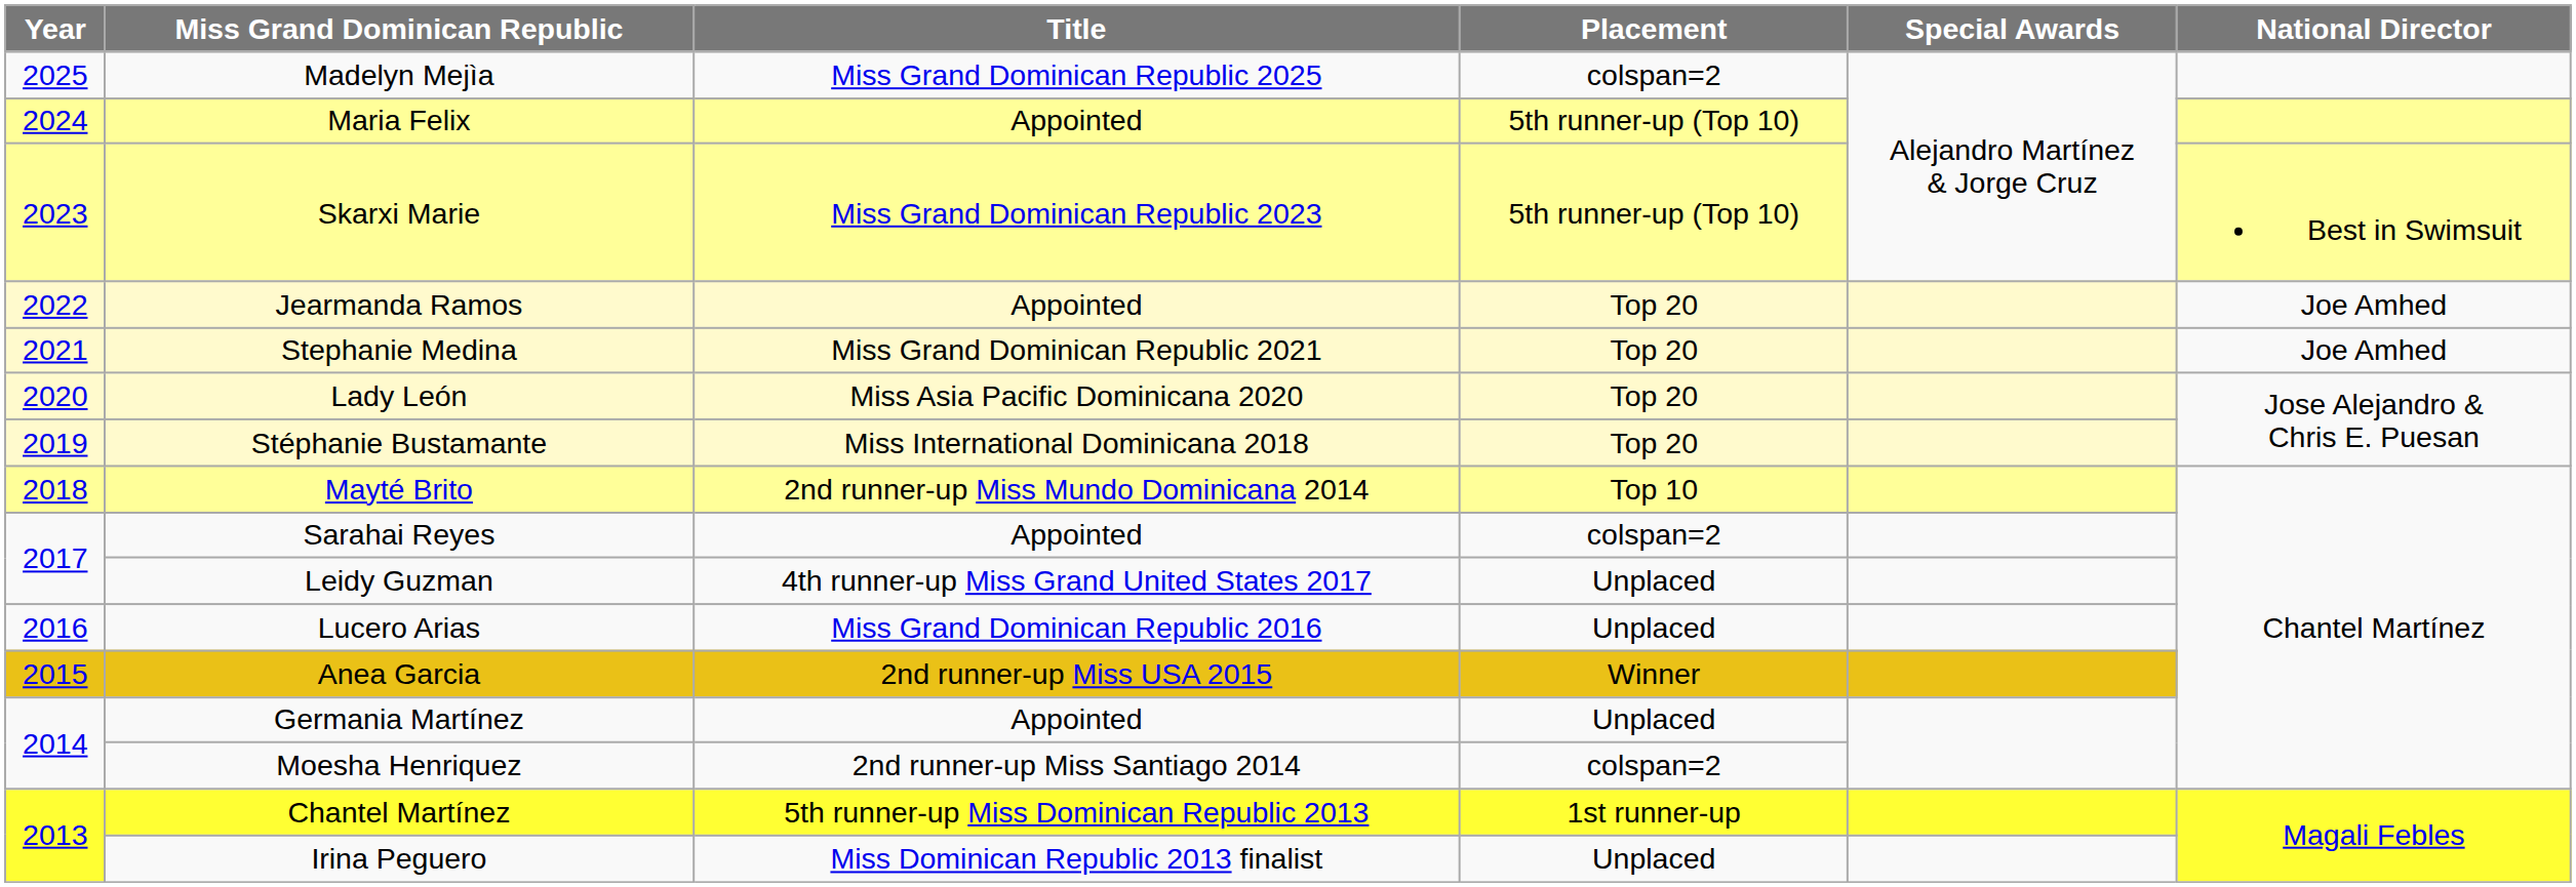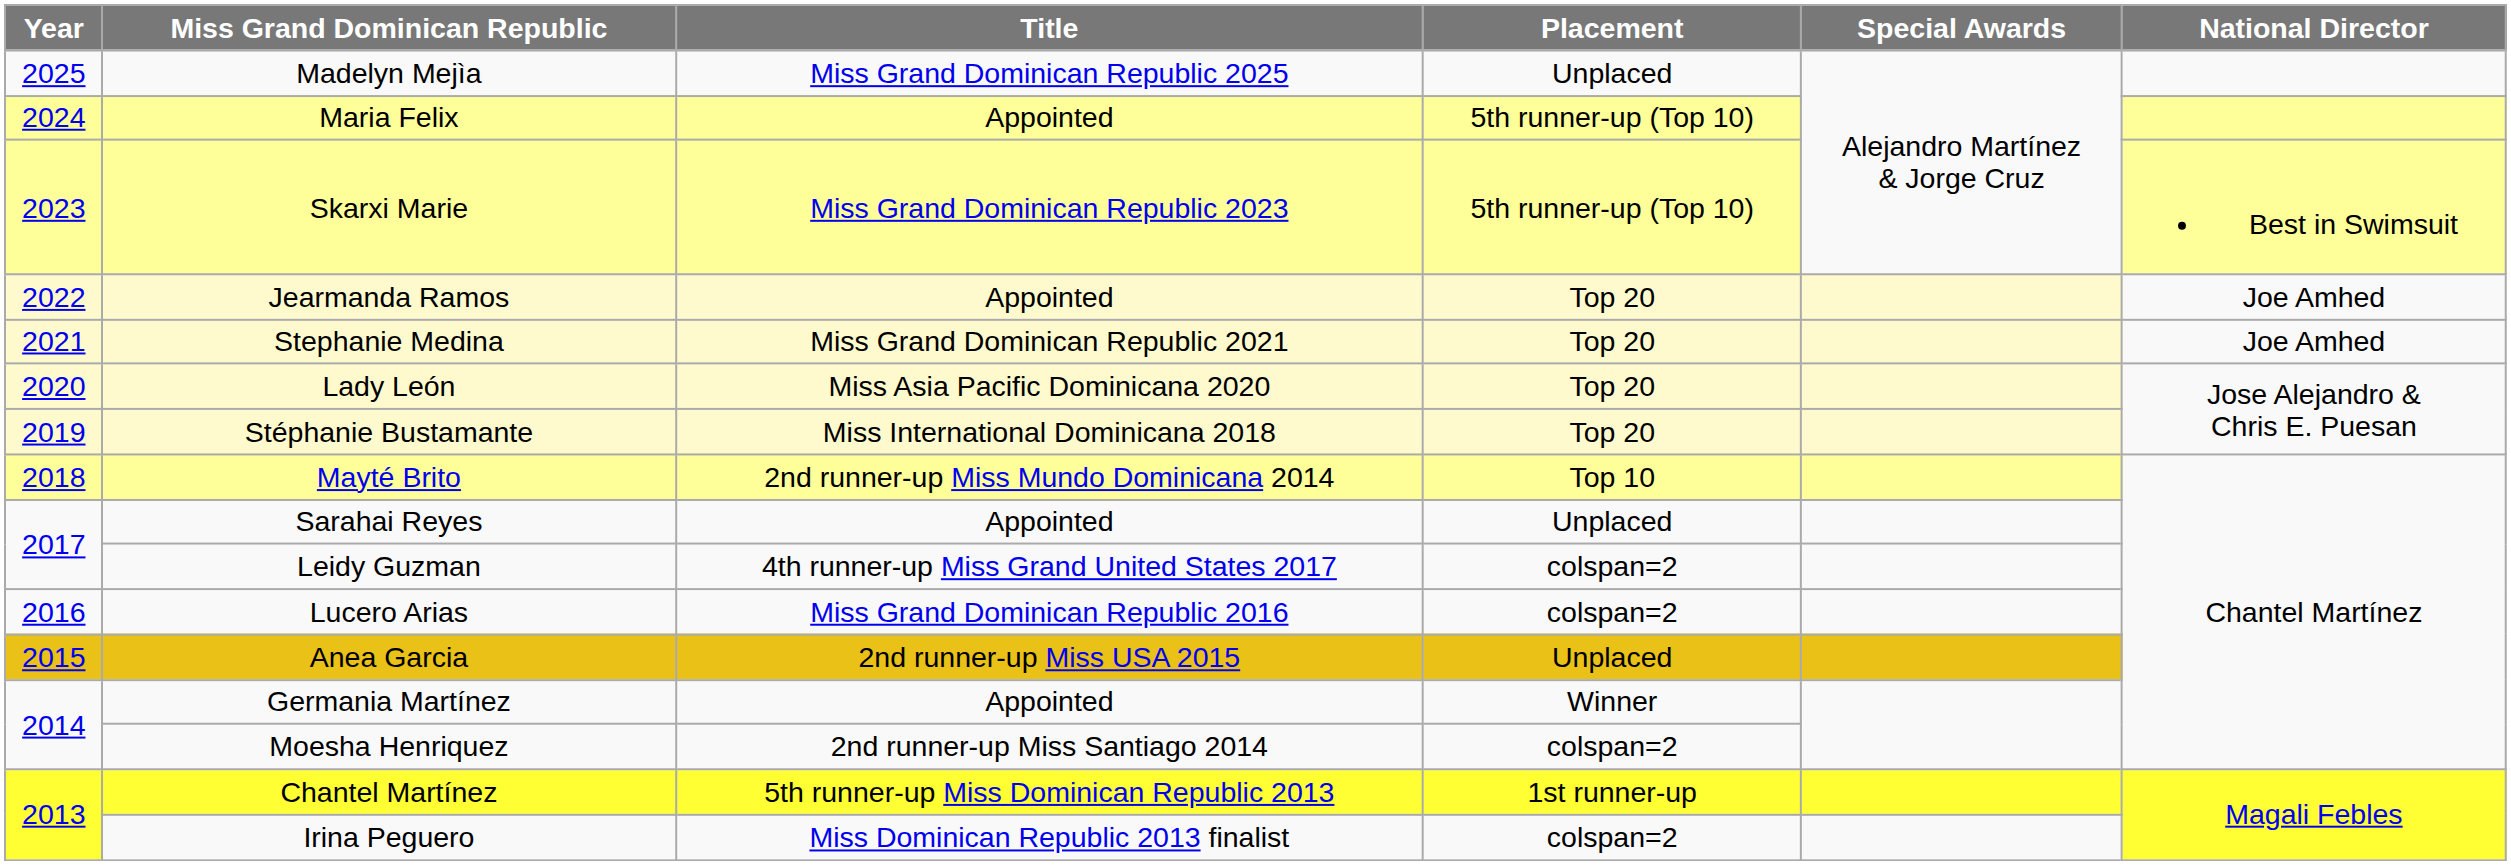 <table class="wikitable" style="font-size: 90%; text-align:center; width:100%">
 <tr>
 <th style="background-color:#787878;color:#FFFFFF;">Year</th>
 <th style="background-color:#787878;color:#FFFFFF;">Miss Grand Dominican Republic</th>
 <th style="background-color:#787878;color:#FFFFFF;">Title</th>
 <th style="background-color:#787878;color:#FFFFFF;">Placement</th>
 <th style="background-color:#787878;color:#FFFFFF;">Special Awards</th>
 <th style="background-color:#787878;color:#FFFFFF;">National Director</th>
 </tr>
 <tr>
 <td><a href='#'>2025</a></td>
 <td>Madelyn Mejìa</td>
 <td><a href='#'>Miss Grand Dominican Republic 2025</a></td>
-<td>colspan=2 </td>
+<td>Unplaced</td>
 <td rowspan=3>Alejandro Martínez<br>& Jorge Cruz</td>
 </tr>
 <tr bgcolor=#FFFF99>
 <td><a href='#'>2024</a></td>
 <td>Maria Felix</td>
 <td>Appointed</td>
 <td>5th runner-up (Top 10)</td>
 <td></td>
 </tr>
 <tr bgcolor=#FFFF99>
 <td><a href='#'>2023</a></td>
 <td>Skarxi Marie</td>
 <td><a href='#'>Miss Grand Dominican Republic 2023</a></td>
 <td>5th runner-up (Top 10)</td>
 <td><br><ul><li>Best in Swimsuit</li></ul></td>
 </tr>
 <tr>
 <td bgcolor=#FFFACD><a href='#'>2022</a></td>
 <td bgcolor=#FFFACD>Jearmanda Ramos</td>
 <td bgcolor=#FFFACD>Appointed</td>
 <td bgcolor=#FFFACD>Top 20</td>
 <td bgcolor=#FFFACD></td>
 <td>Joe Amhed</td>
 </tr>
 <tr>
 <td bgcolor=#FFFACD><a href='#'>2021</a></td>
 <td bgcolor=#FFFACD>Stephanie Medina</td>
 <td bgcolor=#FFFACD>Miss Grand Dominican Republic 2021</td>
 <td bgcolor=#FFFACD>Top 20</td>
 <td bgcolor=#FFFACD></td>
 <td>Joe Amhed</td>
 </tr>
 <tr>
 <td bgcolor=#FFFACD><a href='#'>2020</a></td>
 <td bgcolor=#FFFACD>Lady León</td>
 <td bgcolor=#FFFACD>Miss Asia Pacific Dominicana 2020</td>
 <td bgcolor=#FFFACD>Top 20</td>
 <td bgcolor=#FFFACD></td>
 <td rowspan=2>Jose Alejandro &<br>Chris E. Puesan</td>
 </tr>
 <tr bgcolor=#FFFACD>
 <td><a href='#'>2019</a></td>
 <td>Stéphanie Bustamante</td>
 <td>Miss International Dominicana 2018</td>
 <td>Top 20</td>
 <td></td>
 </tr>
 <tr>
 <td bgcolor=#FFFF99><a href='#'>2018</a></td>
 <td bgcolor=#FFFF99><a href='#'>Mayté Brito</a></td>
 <td bgcolor=#FFFF99>2nd runner-up <a href='#'>Miss Mundo Dominicana</a> 2014</td>
 <td bgcolor=#FFFF99>Top 10</td>
 <td bgcolor=#FFFF99></td>
 <td rowspan=7>Chantel Martínez</td>
 </tr>
 <tr>
 <td rowspan=2><a href='#'>2017</a></td>
 <td>Sarahai Reyes</td>
 <td>Appointed</td>
-<td>colspan=2 </td>
+<td>Unplaced</td>
 <td></td>
 </tr>
 <tr>
 <td>Leidy Guzman</td>
 <td>4th runner-up <a href='#'>Miss Grand United States 2017</a></td>
-<td>Unplaced</td>
+<td>colspan=2 </td>
 </tr>
 <tr>
 <td><a href='#'>2016</a></td>
 <td>Lucero Arias</td>
 <td><a href='#'>Miss Grand Dominican Republic 2016</a></td>
-<td>Unplaced</td>
+<td>colspan=2 </td>
 <td></td>
 </tr>
 <tr bgcolor=#EAC117>
 <td><a href='#'>2015</a></td>
 <td>Anea Garcia</td>
 <td>2nd runner-up <a href='#'>Miss USA 2015</a></td>
-<td>Winner</td>
+<td>Unplaced</td>
 <td></td>
 </tr>
 <tr>
 <td rowspan=2><a href='#'>2014</a></td>
 <td>Germania Martínez</td>
 <td>Appointed</td>
-<td>Unplaced</td>
+<td>Winner</td>
 </tr>
 <tr>
 <td>Moesha Henriquez</td>
 <td>2nd runner-up Miss Santiago 2014</td>
 <td>colspan=2 </td>
 </tr>
 <tr>
 <td bgcolor=#FFFF33 rowspan=2><a href='#'>2013</a></td>
 <td bgcolor=#FFFF33>Chantel Martínez</td>
 <td bgcolor=#FFFF33>5th runner-up <a href='#'>Miss Dominican Republic 2013</a></td>
 <td bgcolor=#FFFF33>1st runner-up</td>
 <td bgcolor=#FFFF33></td>
 <td bgcolor=#FFFF33 rowspan=2><a href='#'>Magali Febles</a></td>
 </tr>
 <tr>
 <td>Irina Peguero</td>
 <td><a href='#'>Miss Dominican Republic 2013</a> finalist</td>
-<td>Unplaced</td>
+<td>colspan=2 </td>
 </tr>
 </table>
